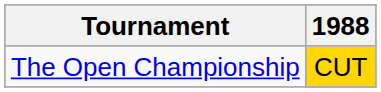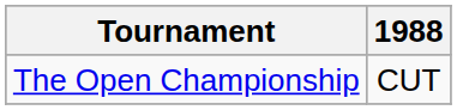 <table class="wikitable" style="font-size:95%;text-align:center;">
 <tr>
 <th>Tournament</th>
 <th>1988</th>
 </tr>
 <tr>
 <td align=left><a href='#'>The Open Championship</a></td>
-<td style="background: gold;">CUT</td>
+<td>CUT</td>
 </tr>
 </table>
